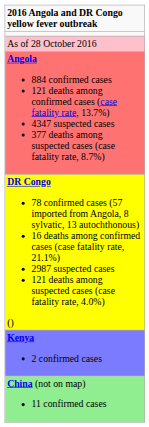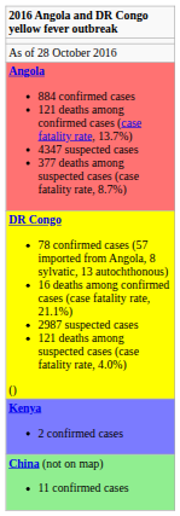 <table class="wikitable" align="right" width="230px">
 <tr>
 <td><strong>2016 Angola and DR Congo yellow fever outbreak</strong></td>
 </tr>
 <tr>
 <td></td>
 </tr>
 <tr>
-<td style="background: pink;">As of 28 October 2016</td>
+<td>As of 28 October 2016</td>
 </tr>
 <tr>
 <td style="background: #ff7272;"><strong><a href='#'>Angola</a></strong><br><ul><li>884 confirmed cases</li><li>121 deaths among confirmed cases (<a href='#'>case fatality rate</a>, 13.7%)</li><li>4347 suspected cases</li><li>377 deaths among suspected cases (case fatality rate, 8.7%)</li></ul></td>
 </tr>
 <tr>
 <td style="background: yellow;"><strong><a href='#'>DR Congo</a></strong><br><ul><li>78 confirmed cases (57 imported from Angola, 8 sylvatic, 13 autochthonous)</li><li>16 deaths among confirmed cases (case fatality rate, 21.1%)</li><li>2987 suspected cases</li><li>121 deaths among suspected cases (case fatality rate, 4.0%)</li></ul>()</td>
 </tr>
 <tr>
 <td style="background: #7b7bff;"><strong><a href='#'>Kenya</a></strong><br><ul><li>2 confirmed cases</li></ul></td>
 </tr>
 <tr>
 <td style="background: lightgreen;"><strong><a href='#'>China</a></strong> (not on map)<br><ul><li>11 confirmed cases</li></ul></td>
 </tr>
 </table>
